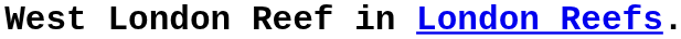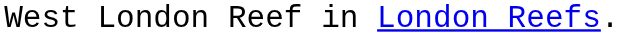 <table>
 <tr>
 <td><br>    </td>
 </tr>
 <tr>
-<td><strong>West London Reef in <a href='#'>London Reefs</a>.</strong></td>
+<td>West London Reef in <a href='#'>London Reefs</a>.</td>
 </tr>
 </table>
